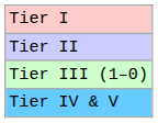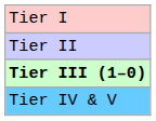 <table class=wikitable style=font-size:90%>
 <tr>
 <td style="background:#fcc;">Tier I</td>
 </tr>
 <tr>
 <td style="background:#ccf;">Tier II</td>
 </tr>
 <tr>
-<td style="background:#cfc;">Tier III (1–0)</td>
+<td style="background:#cfc;"><strong>Tier III (1–0)</strong></td>
 </tr>
 <tr>
 <td style="background:#6cf;">Tier IV & V</td>
 </tr>
 </table>
